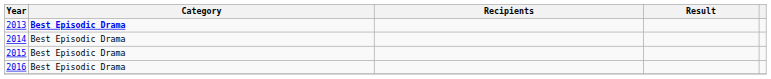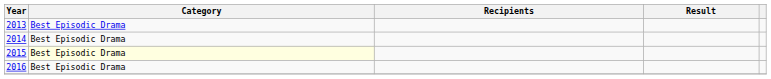 <table class="wikitable plainrowheaders" style="font-size: 90%" width=85%>
 <tr>
 <th scope="col" style="width:2%;">Year</th>
 <th scope="col" style="width:45%;">Category</th>
 <th scope="col" style="width:35%;">Recipients</th>
 <th scope="col" style="width:15%;">Result</th>
 <th scope="col" class="unsortable" style="width:1%;"></th>
 </tr>
 <tr>
 <td><a href='#'>2013</a></td>
-<td><strong><a href='#'>Best Episodic Drama</a></strong></td>
+<td><a href='#'>Best Episodic Drama</a></td>
 <td></td>
 <td></td>
 <td style="text-align:center;"></td>
 </tr>
 <tr>
 <td><a href='#'>2014</a></td>
 <td>Best Episodic Drama</td>
 <td></td>
 <td></td>
 <td style="text-align:center;"></td>
 </tr>
 <tr>
 <td><a href='#'>2015</a></td>
-<td>Best Episodic Drama</td>
+<td style="background: lightyellow;">Best Episodic Drama</td>
 <td></td>
 <td></td>
 <td style="text-align:center;"></td>
 </tr>
 <tr>
 <td><a href='#'>2016</a></td>
 <td>Best Episodic Drama</td>
 <td></td>
 <td></td>
 <td style="text-align:center;"></td>
 </tr>
 <tr>
 </tr>
 </table>
